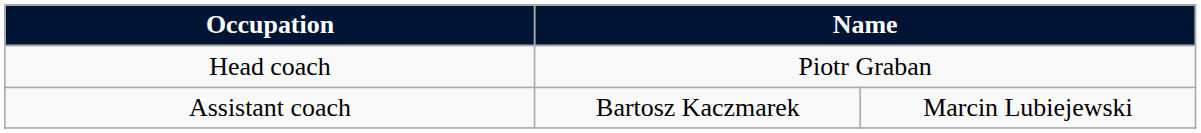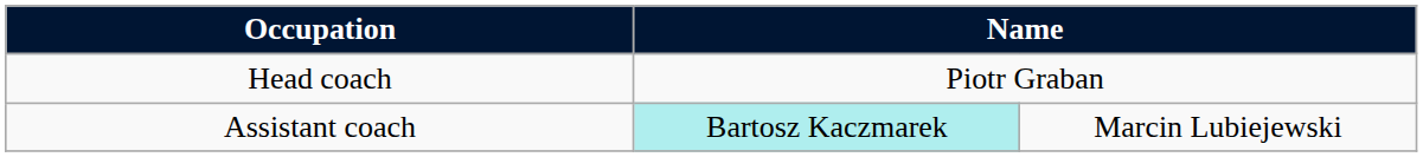 <table class="wikitable" style="font-size:100%; text-align:center">
 <tr>
 <th style="width:20em; color:#FFFFFF; background-color:#001533">Occupation</th>
 <th colspan="2" style="width:25em; color:#FFFFFF; background-color:#001533">Name</th>
 </tr>
 <tr>
 <td>Head coach</td>
 <td colspan="2"> Piotr Graban</td>
 </tr>
 <tr>
 <td>Assistant coach</td>
-<td> Bartosz Kaczmarek</td>
+<td style="background: paleturquoise;"> Bartosz Kaczmarek</td>
 <td> Marcin Lubiejewski</td>
 </tr>
 </table>
